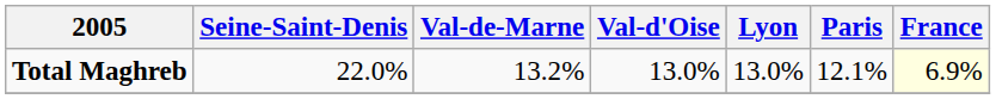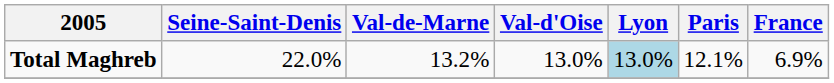 <table class="wikitable">
 <tr>
 <th>2005</th>
 <th><a href='#'>Seine-Saint-Denis</a></th>
 <th><a href='#'>Val-de-Marne</a></th>
 <th><a href='#'>Val-d'Oise</a></th>
 <th><a href='#'>Lyon</a></th>
 <th><a href='#'>Paris</a></th>
 <th><a href='#'>France</a></th>
 </tr>
 <tr>
 <td><strong>Total Maghreb</strong></td>
 <td align="right">22.0%</td>
 <td align="right">13.2%</td>
 <td align="right">13.0%</td>
-<td align="right">13.0%</td>
+<td align="right" style="background: lightblue;">13.0%</td>
 <td align="right">12.1%</td>
-<td align="right" style="background: lightyellow;">6.9%</td>
+<td align="right">6.9%</td>
 </tr>
 <tr>
 </tr>
 </table>
